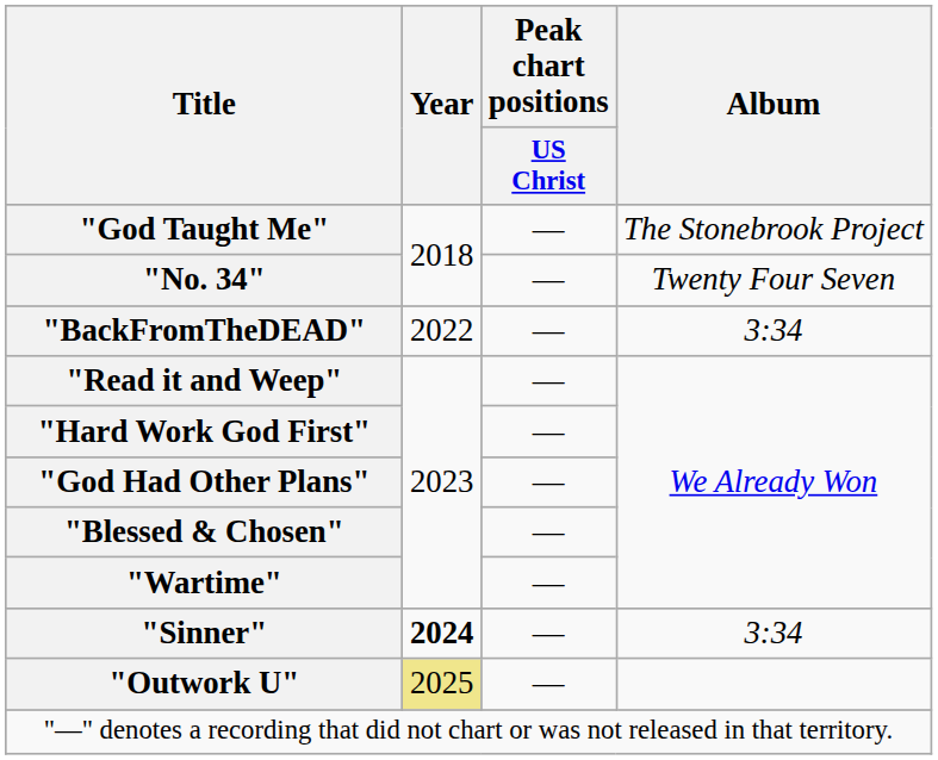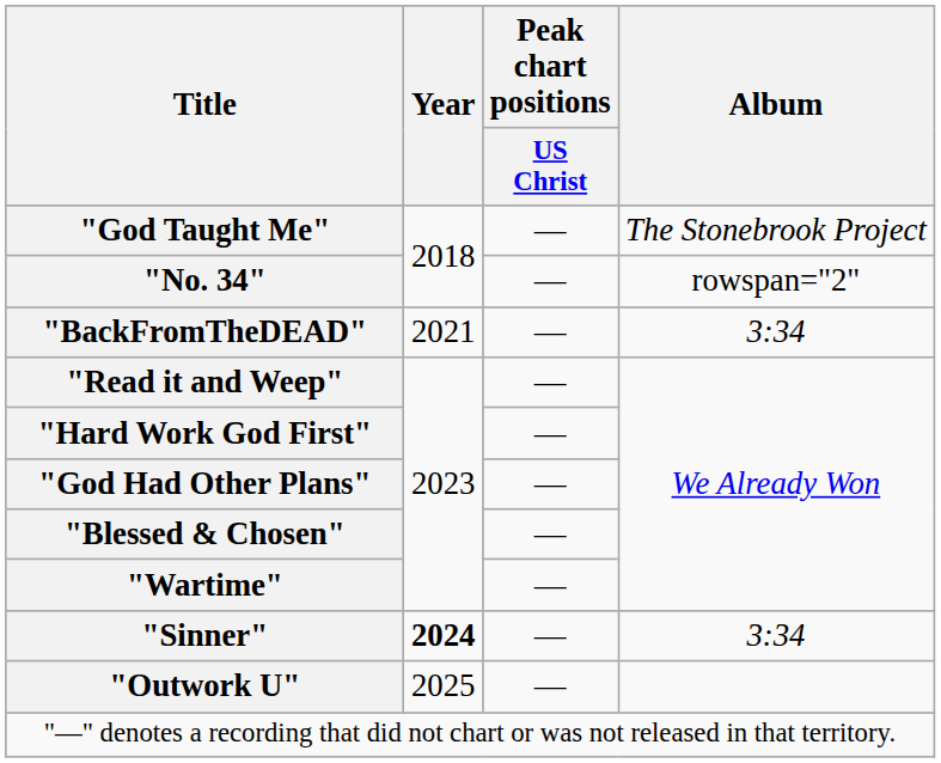 <table class="wikitable plainrowheaders" style="text-align:center;">
 <tr>
 <th scope="col" rowspan="2" style="width:12em;">Title</th>
 <th rowspan="2">Year</th>
 <th>Peak chart positions</th>
 <th rowspan="2">Album</th>
 </tr>
 <tr>
 <th scope="col" style="width:3em;font-size:85%;"><a href='#'>US<br>Christ</a><br></th>
 </tr>
 <tr>
 <th scope="row">"God Taught Me"</th>
 <td rowspan="2">2018</td>
 <td>—</td>
 <td><em>The Stonebrook Project</em></td>
 </tr>
 <tr>
 <th scope="row">"No. 34"</th>
 <td>—</td>
-<td><em>Twenty Four Seven</em></td>
+<td>rowspan="2" </td>
 </tr>
 <tr>
 <th scope="row">"BackFromTheDEAD"</th>
-<td>2022</td>
+<td>2021</td>
 <td>—</td>
 <td><em>3:34</em></td>
 </tr>
 <tr>
 <th scope="row">"Read it and Weep"</th>
 <td rowspan="5">2023</td>
 <td>—</td>
 <td rowspan="5"><em><a href='#'>We Already Won</a></em></td>
 </tr>
 <tr>
 <th scope="row">"Hard Work God First"</th>
 <td>—</td>
 </tr>
 <tr>
 <th scope="row">"God Had Other Plans"</th>
 <td>—</td>
 </tr>
 <tr>
 <th scope="row">"Blessed & Chosen"</th>
 <td>—</td>
 </tr>
 <tr>
 <th scope="row">"Wartime"</th>
 <td>—</td>
 </tr>
 <tr>
 <th scope="row">"Sinner"</th>
 <td><strong>2024</strong></td>
 <td>—</td>
 <td><em>3:34</em></td>
 </tr>
 <tr>
 <th scope="row">"Outwork U"</th>
-<td style="background: khaki;">2025</td>
+<td>2025</td>
 <td>—</td>
 </tr>
 <tr>
 <td colspan="10" style="font-size:85%">"—" denotes a recording that did not chart or was not released in that territory.</td>
 </tr>
 </table>
